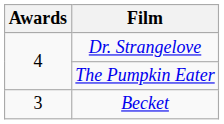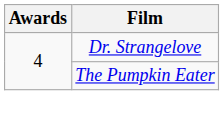 <table class="wikitable" style="text-align:center;">
 <tr>
 <th style="background:">Awards</th>
 <th style="background:">Film</th>
 </tr>
 <tr>
 <td rowspan="2">4</td>
 <td><em><a href='#'>Dr. Strangelove</a></em></td>
 </tr>
 <tr>
 <td><em><a href='#'>The Pumpkin Eater</a></em></td>
 </tr>
-<tr>
-<td>3</td>
-<td><em><a href='#'>Becket</a></em></td>
-</tr>
 </table>
